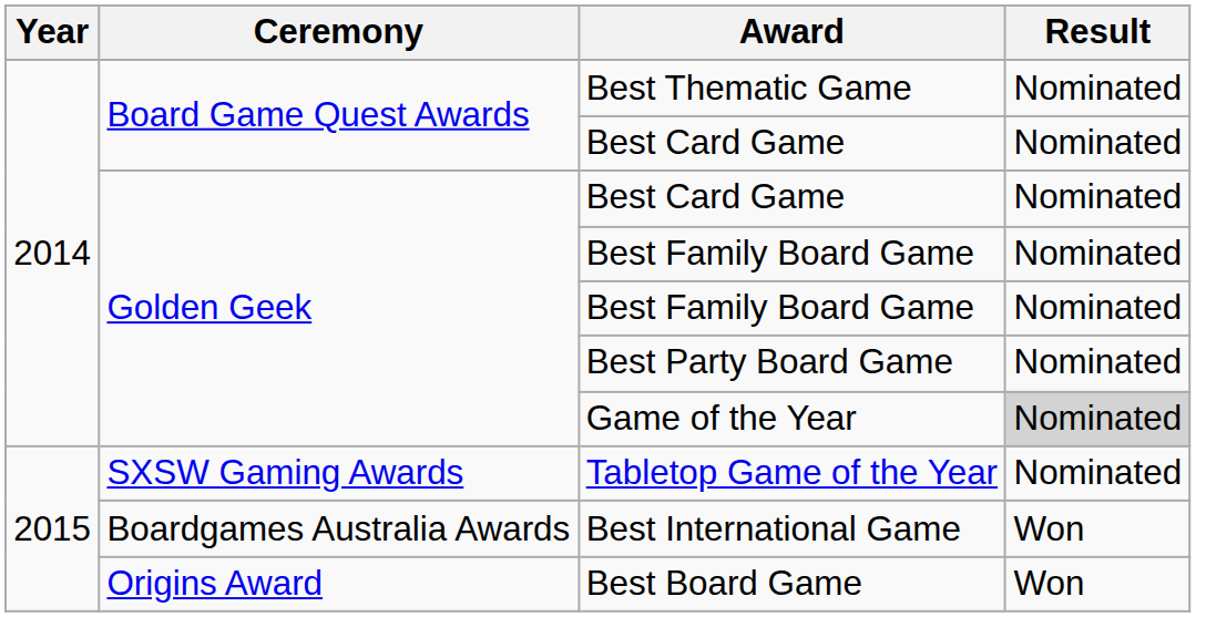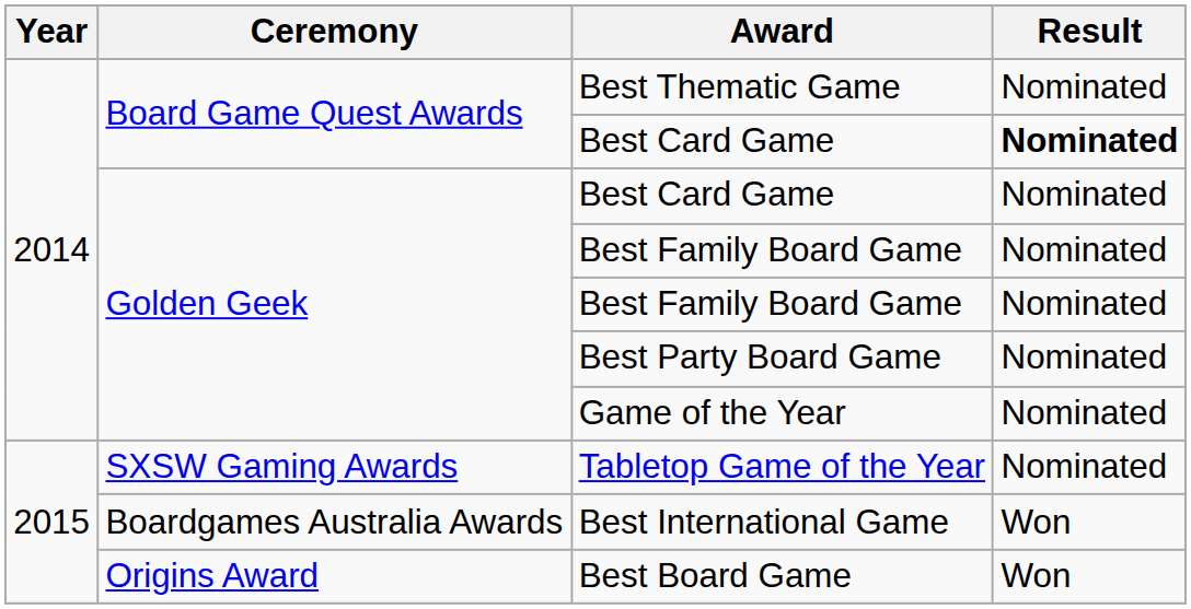 <table class="wikitable">
 <tr>
 <th>Year</th>
 <th>Ceremony</th>
 <th>Award</th>
 <th>Result</th>
 </tr>
 <tr>
 <td rowspan="7">2014</td>
 <td rowspan="2"><a href='#'>Board Game Quest Awards</a></td>
 <td>Best Thematic Game</td>
 <td>Nominated</td>
 </tr>
 <tr>
 <td>Best Card Game</td>
-<td>Nominated</td>
+<td><strong>Nominated</strong></td>
 </tr>
 <tr>
 <td rowspan="5"><a href='#'>Golden Geek</a></td>
 <td>Best Card Game</td>
 <td>Nominated</td>
 </tr>
 <tr>
 <td>Best Family Board Game</td>
 <td>Nominated</td>
 </tr>
 <tr>
 <td>Best Family Board Game</td>
 <td>Nominated</td>
 </tr>
 <tr>
 <td>Best Party Board Game</td>
 <td>Nominated</td>
 </tr>
 <tr>
 <td>Game of the Year</td>
-<td style="background: lightgrey;">Nominated</td>
+<td>Nominated</td>
 </tr>
 <tr>
 <td rowspan="3">2015</td>
 <td><a href='#'>SXSW Gaming Awards</a></td>
 <td><a href='#'>Tabletop Game of the Year</a></td>
 <td>Nominated</td>
 </tr>
 <tr>
 <td>Boardgames Australia Awards</td>
 <td>Best International Game</td>
 <td>Won</td>
 </tr>
 <tr>
 <td><a href='#'>Origins Award</a></td>
 <td>Best Board Game</td>
 <td>Won</td>
 </tr>
 </table>
